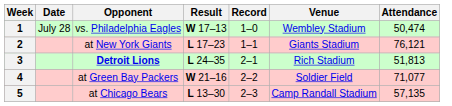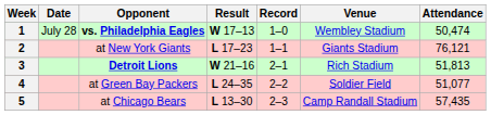 <table class="wikitable" style="text-align:center">
 <tr>
 <th>Week</th>
 <th>Date</th>
 <th>Opponent</th>
 <th>Result</th>
 <th>Record</th>
 <th>Venue</th>
 <th>Attendance</th>
 </tr>
 <tr style="background:#cfc">
 <th>1</th>
 <td>July 28</td>
-<td>vs. <a href='#'>Philadelphia Eagles</a></td>
+<td><strong>vs. <a href='#'>Philadelphia Eagles</a></strong></td>
 <td><strong>W</strong> 17–13</td>
 <td>1–0</td>
 <td><a href='#'>Wembley Stadium</a></td>
 <td>50,474</td>
 </tr>
 <tr style="background:#fcc">
 <th>2</th>
 <td></td>
 <td>at <a href='#'>New York Giants</a></td>
 <td><strong>L</strong> 17–23</td>
 <td>1–1</td>
 <td><a href='#'>Giants Stadium</a></td>
 <td>76,121</td>
 </tr>
 <tr style="background:#cfc">
 <th>3</th>
 <td></td>
 <td><strong><a href='#'>Detroit Lions</a></strong></td>
-<td><strong>L</strong> 24–35</td>
+<td><strong>W</strong> 21–16</td>
 <td>2–1</td>
 <td><a href='#'>Rich Stadium</a></td>
 <td>51,813</td>
 </tr>
 <tr style="background:#fcc">
 <th>4</th>
 <td></td>
 <td>at <a href='#'>Green Bay Packers</a></td>
-<td><strong>W</strong> 21–16</td>
+<td><strong>L</strong> 24–35</td>
 <td>2–2</td>
 <td><a href='#'>Soldier Field</a></td>
-<td>71,077</td>
+<td>51,077</td>
 </tr>
 <tr style="background:#fcc">
 <th>5</th>
 <td></td>
 <td>at <a href='#'>Chicago Bears</a></td>
 <td><strong>L</strong> 13–30</td>
 <td>2–3</td>
 <td><a href='#'>Camp Randall Stadium</a></td>
-<td>57,135</td>
+<td>57,435</td>
 </tr>
 </table>
